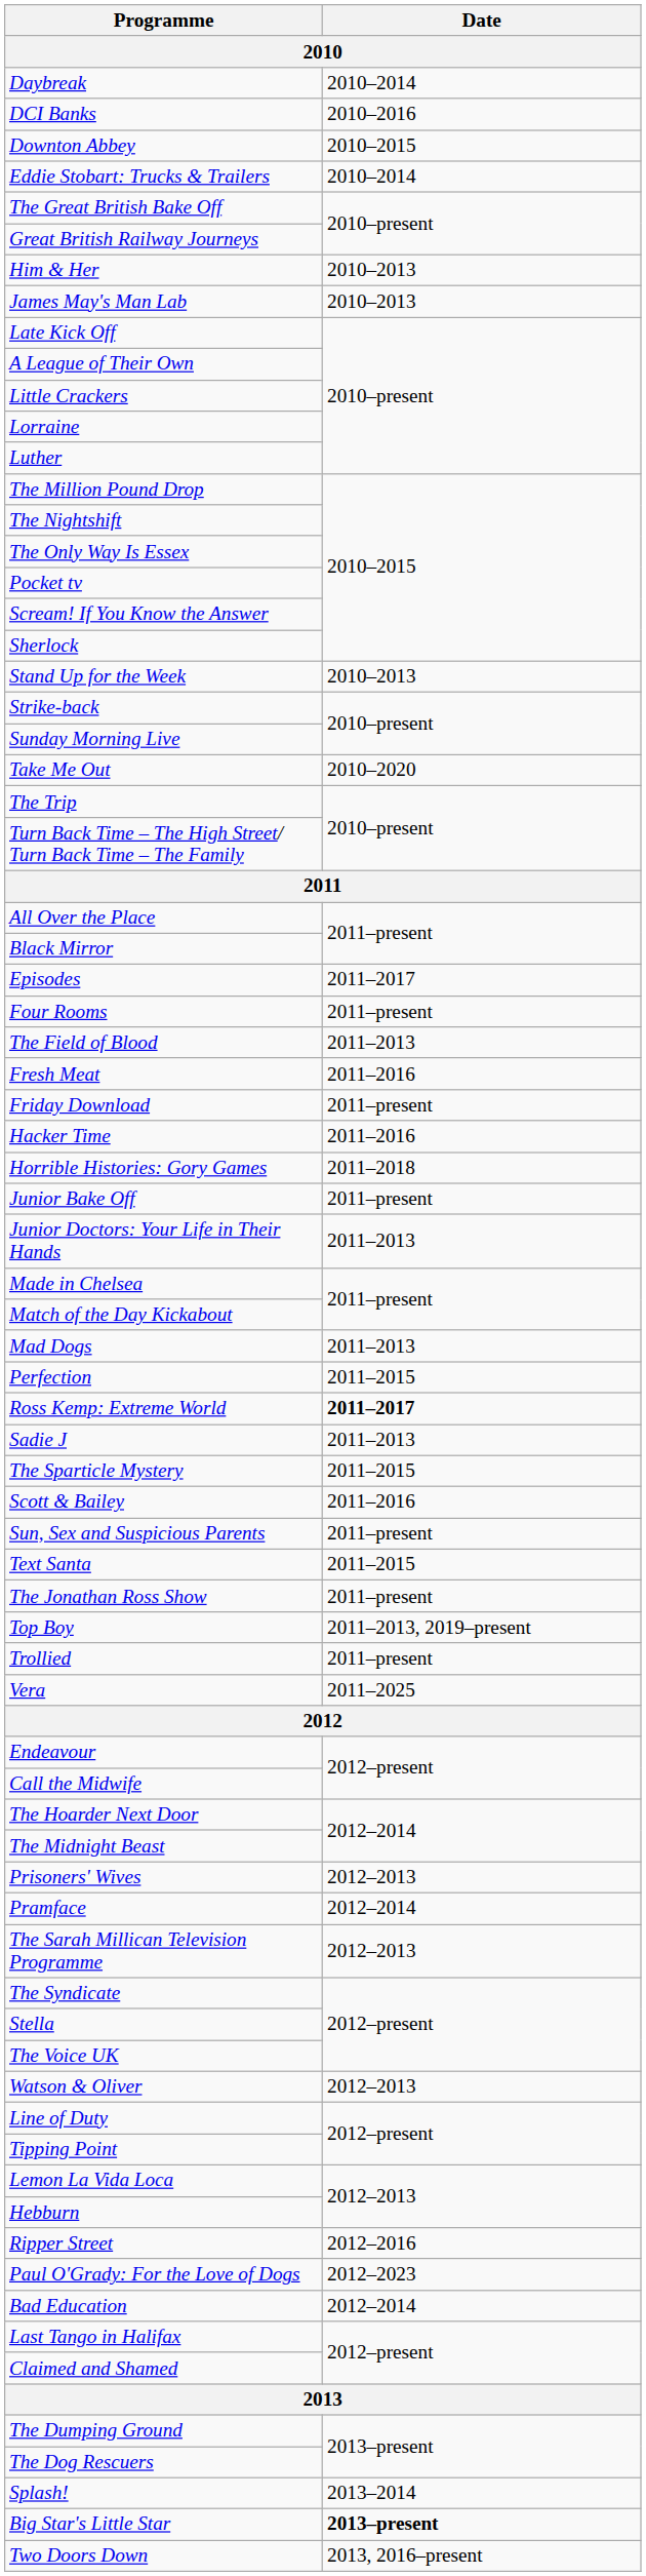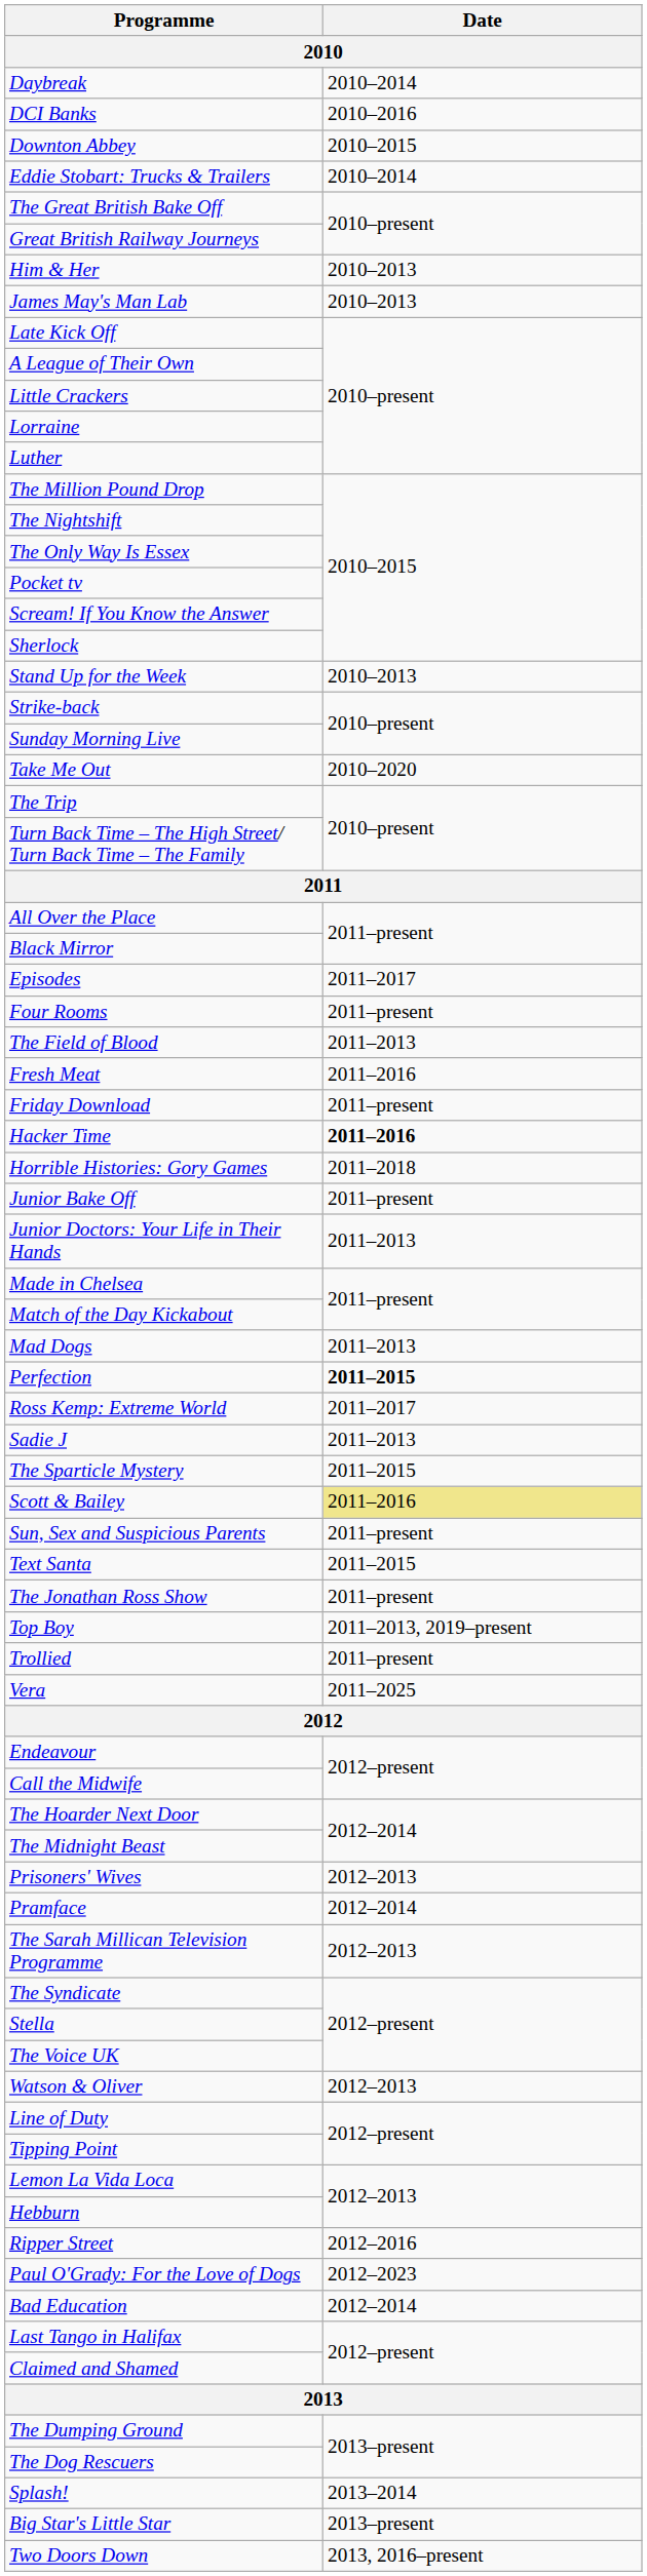 <table class="wikitable">
 <tr>
 <th width=251>Programme</th>
 <th width=251>Date</th>
 </tr>
 <tr>
 <th colspan=2>2010</th>
 </tr>
 <tr>
 <td><em><a href='#'>Daybreak</a></em></td>
 <td>2010–2014</td>
 </tr>
 <tr>
 <td><em><a href='#'>DCI Banks</a></em></td>
 <td>2010–2016</td>
 </tr>
 <tr>
 <td><em><a href='#'>Downton Abbey</a></em></td>
 <td>2010–2015</td>
 </tr>
 <tr>
 <td><em><a href='#'>Eddie Stobart: Trucks & Trailers</a></em></td>
 <td>2010–2014</td>
 </tr>
 <tr>
 <td><em><a href='#'>The Great British Bake Off</a></em></td>
 <td rowspan="2">2010–present</td>
 </tr>
 <tr>
 <td><em><a href='#'>Great British Railway Journeys</a></em></td>
 </tr>
 <tr>
 <td><em><a href='#'>Him & Her</a></em></td>
 <td>2010–2013</td>
 </tr>
 <tr>
 <td><em><a href='#'>James May's Man Lab</a></em></td>
 <td>2010–2013</td>
 </tr>
 <tr>
 <td><em><a href='#'>Late Kick Off</a></em></td>
 <td rowspan="5">2010–present</td>
 </tr>
 <tr>
 <td><em><a href='#'>A League of Their Own</a></em></td>
 </tr>
 <tr>
 <td><em><a href='#'>Little Crackers</a></em></td>
 </tr>
 <tr>
 <td><em><a href='#'>Lorraine</a></em></td>
 </tr>
 <tr>
 <td><em><a href='#'>Luther</a></em></td>
 </tr>
 <tr>
 <td><em><a href='#'>The Million Pound Drop</a></em></td>
 <td rowspan="6">2010–2015</td>
 </tr>
 <tr>
 <td><em><a href='#'>The Nightshift</a></em></td>
 </tr>
 <tr>
 <td><em><a href='#'>The Only Way Is Essex</a></em></td>
 </tr>
 <tr>
 <td><em><a href='#'>Pocket tv</a></em></td>
 </tr>
 <tr>
 <td><em><a href='#'>Scream! If You Know the Answer</a></em></td>
 </tr>
 <tr>
 <td><em><a href='#'>Sherlock</a></em></td>
 </tr>
 <tr>
 <td><em><a href='#'>Stand Up for the Week</a></em></td>
 <td>2010–2013</td>
 </tr>
 <tr>
 <td><em><a href='#'>Strike-back</a></em></td>
 <td rowspan="2">2010–present</td>
 </tr>
 <tr>
 <td><em><a href='#'>Sunday Morning Live</a></em></td>
 </tr>
 <tr>
 <td><em><a href='#'>Take Me Out</a></em></td>
 <td>2010–2020</td>
 </tr>
 <tr>
 <td><em><a href='#'>The Trip</a></em></td>
 <td rowspan="2">2010–present</td>
 </tr>
 <tr>
 <td><em><a href='#'>Turn Back Time – The High Street</a>/ <a href='#'>Turn Back Time – The Family</a></em></td>
 </tr>
 <tr>
 <th colspan=2>2011</th>
 </tr>
 <tr>
 <td><em><a href='#'>All Over the Place</a></em></td>
 <td rowspan="2">2011–present</td>
 </tr>
 <tr>
 <td><em><a href='#'>Black Mirror</a></em></td>
 </tr>
 <tr>
 <td><em><a href='#'>Episodes</a></em></td>
 <td>2011–2017</td>
 </tr>
 <tr>
 <td><em><a href='#'>Four Rooms</a></em></td>
 <td>2011–present</td>
 </tr>
 <tr>
 <td><em><a href='#'>The Field of Blood</a></em></td>
 <td>2011–2013</td>
 </tr>
 <tr>
 <td><em><a href='#'>Fresh Meat</a></em></td>
 <td>2011–2016</td>
 </tr>
 <tr>
 <td><em><a href='#'>Friday Download</a></em></td>
 <td>2011–present</td>
 </tr>
 <tr>
 <td><em><a href='#'>Hacker Time</a></em></td>
-<td>2011–2016</td>
+<td><strong>2011–2016</strong></td>
 </tr>
 <tr>
 <td><em><a href='#'>Horrible Histories: Gory Games</a></em></td>
 <td>2011–2018</td>
 </tr>
 <tr>
 <td><em><a href='#'>Junior Bake Off</a></em></td>
 <td>2011–present</td>
 </tr>
 <tr>
 <td><em><a href='#'>Junior Doctors: Your Life in Their Hands</a></em></td>
 <td>2011–2013</td>
 </tr>
 <tr>
 <td><em><a href='#'>Made in Chelsea</a></em></td>
 <td rowspan="2">2011–present</td>
 </tr>
 <tr>
 <td><em><a href='#'>Match of the Day Kickabout</a></em></td>
 </tr>
 <tr>
 <td><em><a href='#'>Mad Dogs</a></em></td>
 <td>2011–2013</td>
 </tr>
 <tr>
 <td><em><a href='#'>Perfection</a></em></td>
-<td>2011–2015</td>
+<td><strong>2011–2015</strong></td>
 </tr>
 <tr>
 <td><em><a href='#'>Ross Kemp: Extreme World</a></em></td>
-<td><strong>2011–2017</strong></td>
+<td>2011–2017</td>
 </tr>
 <tr>
 <td><em><a href='#'>Sadie J</a></em></td>
 <td>2011–2013</td>
 </tr>
 <tr>
 <td><em><a href='#'>The Sparticle Mystery</a></em></td>
 <td>2011–2015</td>
 </tr>
 <tr>
 <td><em><a href='#'>Scott & Bailey</a></em></td>
-<td>2011–2016</td>
+<td style="background: khaki;">2011–2016</td>
 </tr>
 <tr>
 <td><em><a href='#'>Sun, Sex and Suspicious Parents</a></em></td>
 <td>2011–present</td>
 </tr>
 <tr>
 <td><em><a href='#'>Text Santa</a></em></td>
 <td>2011–2015</td>
 </tr>
 <tr>
 <td><em><a href='#'>The Jonathan Ross Show</a></em></td>
 <td>2011–present</td>
 </tr>
 <tr>
 <td><em><a href='#'>Top Boy</a></em></td>
 <td>2011–2013, 2019–present</td>
 </tr>
 <tr>
 <td><em><a href='#'>Trollied</a></em></td>
 <td>2011–present</td>
 </tr>
 <tr>
 <td><em><a href='#'>Vera</a></em></td>
 <td>2011–2025</td>
 </tr>
 <tr>
 <th colspan=2>2012</th>
 </tr>
 <tr>
 <td><em><a href='#'>Endeavour</a></em></td>
 <td rowspan="2">2012–present</td>
 </tr>
 <tr>
 <td><em><a href='#'>Call the Midwife</a></em></td>
 </tr>
 <tr>
 <td><em><a href='#'>The Hoarder Next Door</a></em></td>
 <td rowspan="2">2012–2014</td>
 </tr>
 <tr>
 <td><em><a href='#'>The Midnight Beast</a></em></td>
 </tr>
 <tr>
 <td><em><a href='#'>Prisoners' Wives</a></em></td>
 <td>2012–2013</td>
 </tr>
 <tr>
 <td><em><a href='#'>Pramface</a></em></td>
 <td>2012–2014</td>
 </tr>
 <tr>
 <td><em><a href='#'>The Sarah Millican Television Programme</a></em></td>
 <td>2012–2013</td>
 </tr>
 <tr>
 <td><em><a href='#'>The Syndicate</a></em></td>
 <td rowspan="3">2012–present</td>
 </tr>
 <tr>
 <td><em><a href='#'>Stella</a></em></td>
 </tr>
 <tr>
 <td><em><a href='#'>The Voice UK</a></em></td>
 </tr>
 <tr>
 <td><em><a href='#'>Watson & Oliver</a></em></td>
 <td>2012–2013</td>
 </tr>
 <tr>
 <td><em><a href='#'>Line of Duty</a></em></td>
 <td rowspan="2">2012–present</td>
 </tr>
 <tr>
 <td><em><a href='#'>Tipping Point</a></em></td>
 </tr>
 <tr>
 <td><em><a href='#'>Lemon La Vida Loca</a></em></td>
 <td rowspan="2">2012–2013</td>
 </tr>
 <tr>
 <td><em><a href='#'>Hebburn</a></em></td>
 </tr>
 <tr>
 <td><em><a href='#'>Ripper Street</a></em></td>
 <td>2012–2016</td>
 </tr>
 <tr>
 <td><em><a href='#'>Paul O'Grady: For the Love of Dogs</a></em></td>
 <td>2012–2023</td>
 </tr>
 <tr>
 <td><em><a href='#'>Bad Education</a></em></td>
 <td>2012–2014</td>
 </tr>
 <tr>
 <td><em><a href='#'>Last Tango in Halifax</a></em></td>
 <td rowspan="2">2012–present</td>
 </tr>
 <tr>
 <td><em><a href='#'>Claimed and Shamed</a></em></td>
 </tr>
 <tr>
 <th colspan=2>2013</th>
 </tr>
 <tr>
 <td><em><a href='#'>The Dumping Ground</a></em></td>
 <td rowspan="2">2013–present</td>
 </tr>
 <tr>
 <td><em><a href='#'>The Dog Rescuers</a></em></td>
 </tr>
 <tr>
 <td><em><a href='#'>Splash!</a></em></td>
 <td>2013–2014</td>
 </tr>
 <tr>
 <td><em><a href='#'>Big Star's Little Star</a></em></td>
-<td><strong>2013–present</strong></td>
+<td>2013–present</td>
 </tr>
 <tr>
 <td><em><a href='#'>Two Doors Down</a></em></td>
 <td>2013, 2016–present</td>
 </tr>
 </table>
